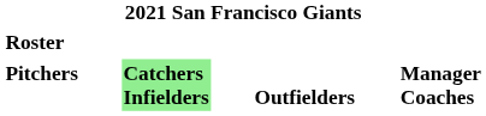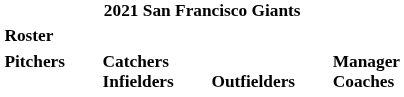 <table class="toccolours" style="font-size: 95%;">
 <tr>
 <th colspan="10">2021 San Francisco Giants</th>
 </tr>
 <tr>
 <td colspan="10"><strong>Roster</strong></td>
 </tr>
 <tr>
 <td valign="top"><strong>Pitchers</strong><br>                              </td>
 <td style="width:25px;"></td>
-<td valign="top" style="background: lightgreen;"><strong>Catchers</strong><br>    <strong>Infielders</strong>          </td>
+<td valign="top"><strong>Catchers</strong><br>    <strong>Infielders</strong>          </td>
 <td style="width:25px;"></td>
 <td valign="top"><br><strong>Outfielders</strong>         </td>
 <td style="width:25px;"></td>
 <td valign="top"><strong>Manager</strong><br>  <strong>Coaches</strong>                              </td>
 </tr>
 </table>
